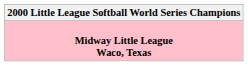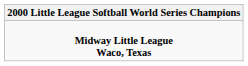 <table class="wikitable" style="text-align: center; margin: 0 auto;">
 <tr>
 <th>2000 Little League Softball World Series Champions</th>
 </tr>
 <tr>
-<td style="background: pink;"> <br><strong>Midway Little League</strong><br><strong>Waco, Texas</strong></td>
+<td> <br><strong>Midway Little League</strong><br><strong>Waco, Texas</strong></td>
 </tr>
 </table>
